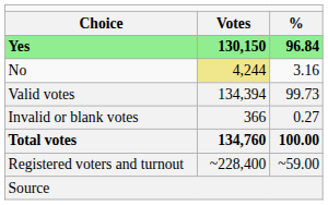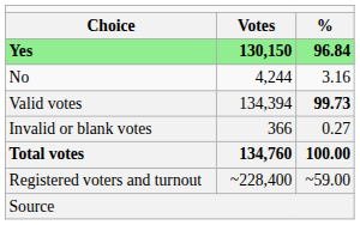 <table class="wikitable" style="text-align:right;">
 <tr>
 <td colspan="6" align="center"></td>
 </tr>
 <tr>
 <th style="width:200px;">Choice</th>
 <th style="width:70px;">Votes</th>
 <th style="width:50px;">%</th>
 </tr>
 <tr style="background:lightgreen;">
 <td align="left"> <strong>Yes</strong></td>
 <td><strong>130,150</strong></td>
 <td><strong>96.84</strong></td>
 </tr>
 <tr>
 <td align="left">No</td>
-<td style="background: khaki;">4,244</td>
+<td>4,244</td>
 <td>3.16</td>
 </tr>
 <tr style="background-color:#F2F2F2">
 <td align="left">Valid votes</td>
 <td>134,394</td>
-<td>99.73</td>
+<td><strong>99.73</strong></td>
 </tr>
 <tr style="background-color:#F2F2F2">
 <td align="left">Invalid or blank votes</td>
 <td>366</td>
 <td>0.27</td>
 </tr>
 <tr style="background-color:#F2F2F2">
 <td align="left"><strong>Total votes</strong></td>
 <td><strong>134,760</strong></td>
 <td><strong>100.00</strong></td>
 </tr>
 <tr style="background-color:#F2F2F2">
 <td align="left">Registered voters and turnout</td>
 <td>~228,400</td>
 <td>~59.00</td>
 </tr>
 <tr style="background-color:#F2F2F2">
 <td colspan="3" align="left">Source</td>
 </tr>
 </table>
